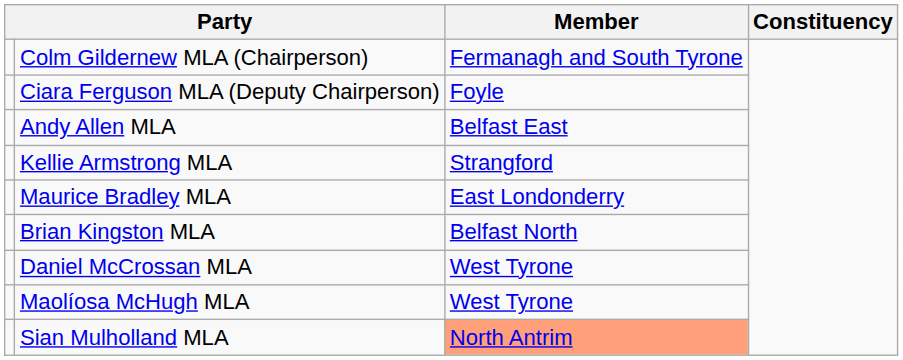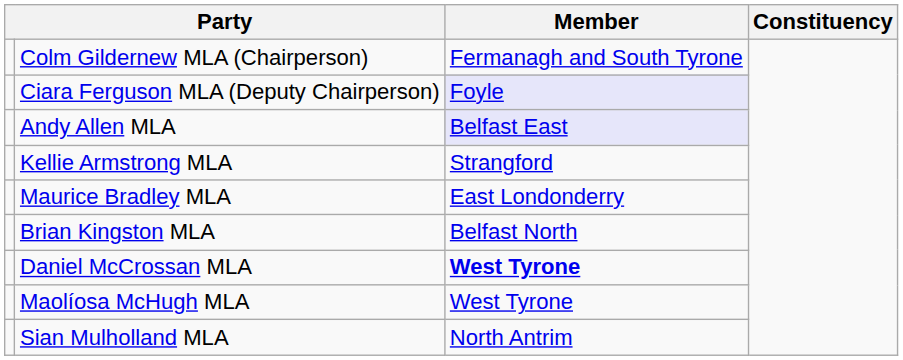 <table class="wikitable" border="1">
 <tr>
 <th colspan="2" scope="col">Party</th>
 <th scope="col">Member</th>
 <th scope="col">Constituency</th>
 </tr>
 <tr>
 <td></td>
 <td><a href='#'>Colm Gildernew</a> MLA (Chairperson)</td>
 <td><a href='#'>Fermanagh and South Tyrone</a></td>
 </tr>
 <tr>
 <td></td>
 <td><a href='#'>Ciara Ferguson</a> MLA (Deputy Chairperson)</td>
-<td><a href='#'>Foyle</a></td>
+<td style="background: lavender;"><a href='#'>Foyle</a></td>
 </tr>
 <tr>
 <td></td>
 <td><a href='#'>Andy Allen</a> MLA</td>
-<td><a href='#'>Belfast East</a></td>
+<td style="background: lavender;"><a href='#'>Belfast East</a></td>
 </tr>
 <tr>
 <td></td>
 <td><a href='#'>Kellie Armstrong</a> MLA</td>
 <td><a href='#'>Strangford</a></td>
 </tr>
 <tr>
 <td></td>
 <td><a href='#'>Maurice Bradley</a> MLA</td>
 <td><a href='#'>East Londonderry</a></td>
 </tr>
 <tr>
 <td></td>
 <td><a href='#'>Brian Kingston</a> MLA</td>
 <td><a href='#'>Belfast North</a></td>
 </tr>
 <tr>
 <td></td>
 <td><a href='#'>Daniel McCrossan</a> MLA</td>
-<td><a href='#'>West Tyrone</a></td>
+<td><strong><a href='#'>West Tyrone</a></strong></td>
 </tr>
 <tr>
 <td></td>
 <td><a href='#'>Maolíosa McHugh</a> MLA</td>
 <td><a href='#'>West Tyrone</a></td>
 </tr>
 <tr>
 <td></td>
 <td><a href='#'>Sian Mulholland</a> MLA</td>
-<td style="background: lightsalmon;"><a href='#'>North Antrim</a></td>
+<td><a href='#'>North Antrim</a></td>
 </tr>
 </table>
